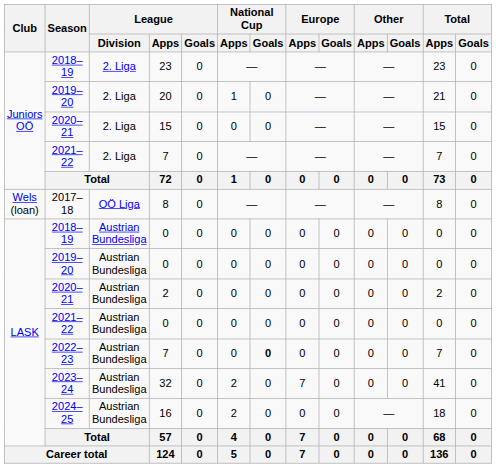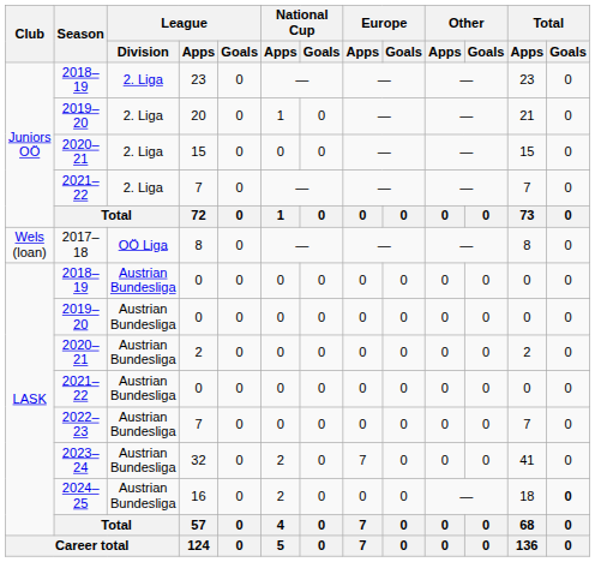 <table class="wikitable" style="text-align: center">
 <tr>
 <th rowspan="2">Club</th>
 <th rowspan="2">Season</th>
 <th colspan="3">League</th>
 <th colspan="2">National Cup</th>
 <th colspan="2">Europe</th>
 <th colspan="2">Other</th>
 <th colspan="2">Total</th>
 </tr>
 <tr>
 <th>Division</th>
 <th>Apps</th>
 <th>Goals</th>
 <th>Apps</th>
 <th>Goals</th>
 <th>Apps</th>
 <th>Goals</th>
 <th>Apps</th>
 <th>Goals</th>
 <th>Apps</th>
 <th>Goals</th>
 </tr>
 <tr>
 <td rowspan="5"><a href='#'>Juniors OÖ</a></td>
 <td><a href='#'>2018–19</a></td>
 <td><a href='#'>2. Liga</a></td>
 <td>23</td>
 <td>0</td>
 <td colspan="2">—</td>
 <td colspan="2">—</td>
 <td colspan="2">—</td>
 <td>23</td>
 <td>0</td>
 </tr>
 <tr>
 <td><a href='#'>2019–20</a></td>
 <td>2. Liga</td>
 <td>20</td>
 <td>0</td>
 <td>1</td>
 <td>0</td>
 <td colspan="2">—</td>
 <td colspan="2">—</td>
 <td>21</td>
 <td>0</td>
 </tr>
 <tr>
 <td><a href='#'>2020–21</a></td>
 <td>2. Liga</td>
 <td>15</td>
 <td>0</td>
 <td>0</td>
 <td>0</td>
 <td colspan="2">—</td>
 <td colspan="2">—</td>
 <td>15</td>
 <td>0</td>
 </tr>
 <tr>
 <td><a href='#'>2021–22</a></td>
 <td>2. Liga</td>
 <td>7</td>
 <td>0</td>
 <td colspan="2">—</td>
 <td colspan="2">—</td>
 <td colspan="2">—</td>
 <td>7</td>
 <td>0</td>
 </tr>
 <tr>
 <th colspan="2">Total</th>
 <th>72</th>
 <th>0</th>
 <th>1</th>
 <th>0</th>
 <th>0</th>
 <th>0</th>
 <th>0</th>
 <th>0</th>
 <th>73</th>
 <th>0</th>
 </tr>
 <tr>
 <td><a href='#'>Wels</a> (loan)</td>
 <td>2017–18</td>
 <td><a href='#'>OÖ Liga</a></td>
 <td>8</td>
 <td>0</td>
 <td colspan="2">—</td>
 <td colspan="2">—</td>
 <td colspan="2">—</td>
 <td>8</td>
 <td>0</td>
 </tr>
 <tr>
 <td rowspan="8"><a href='#'>LASK</a></td>
 <td><a href='#'>2018–19</a></td>
 <td><a href='#'>Austrian Bundesliga</a></td>
 <td>0</td>
 <td>0</td>
 <td>0</td>
 <td>0</td>
 <td>0</td>
 <td>0</td>
 <td>0</td>
 <td>0</td>
 <td>0</td>
 <td>0</td>
 </tr>
 <tr>
 <td><a href='#'>2019–20</a></td>
 <td>Austrian Bundesliga</td>
 <td>0</td>
 <td>0</td>
 <td>0</td>
 <td>0</td>
 <td>0</td>
 <td>0</td>
 <td>0</td>
 <td>0</td>
 <td>0</td>
 <td>0</td>
 </tr>
 <tr>
 <td><a href='#'>2020–21</a></td>
 <td>Austrian Bundesliga</td>
 <td>2</td>
 <td>0</td>
 <td>0</td>
 <td>0</td>
 <td>0</td>
 <td>0</td>
 <td>0</td>
 <td>0</td>
 <td>2</td>
 <td>0</td>
 </tr>
 <tr>
 <td><a href='#'>2021–22</a></td>
 <td>Austrian Bundesliga</td>
 <td>0</td>
 <td>0</td>
 <td>0</td>
 <td>0</td>
 <td>0</td>
 <td>0</td>
 <td>0</td>
 <td>0</td>
 <td>0</td>
 <td>0</td>
 </tr>
 <tr>
 <td><a href='#'>2022–23</a></td>
 <td>Austrian Bundesliga</td>
 <td>7</td>
 <td>0</td>
 <td>0</td>
-<td><strong>0</strong></td>
+<td>0</td>
 <td>0</td>
 <td>0</td>
 <td>0</td>
 <td>0</td>
 <td>7</td>
 <td>0</td>
 </tr>
 <tr>
 <td><a href='#'>2023–24</a></td>
 <td>Austrian Bundesliga</td>
 <td>32</td>
 <td>0</td>
 <td>2</td>
 <td>0</td>
 <td>7</td>
 <td>0</td>
 <td>0</td>
 <td>0</td>
 <td>41</td>
 <td>0</td>
 </tr>
 <tr>
 <td><a href='#'>2024–25</a></td>
 <td>Austrian Bundesliga</td>
 <td>16</td>
 <td>0</td>
 <td>2</td>
 <td>0</td>
 <td>0</td>
 <td>0</td>
 <td colspan="2">—</td>
 <td>18</td>
-<td>0</td>
+<td><strong>0</strong></td>
 </tr>
 <tr>
 <th colspan="2">Total</th>
 <th>57</th>
 <th>0</th>
 <th>4</th>
 <th>0</th>
 <th>7</th>
 <th>0</th>
 <th>0</th>
 <th>0</th>
 <th>68</th>
 <th>0</th>
 </tr>
 <tr>
 <th colspan="3">Career total</th>
 <th>124</th>
 <th>0</th>
 <th>5</th>
 <th>0</th>
 <th>7</th>
 <th>0</th>
 <th>0</th>
 <th>0</th>
 <th>136</th>
 <th>0</th>
 </tr>
 </table>
